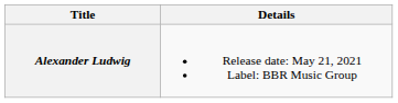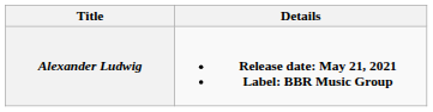 <table class="wikitable plainrowheaders" style="text-align:center;">
 <tr>
 <th style="width:12em;">Title</th>
 <th style="width:18em;">Details</th>
 </tr>
 <tr>
 <th scope="row"><em>Alexander Ludwig</em></th>
-<td><br><ul><li>Release date: May 21, 2021</li><li>Label: BBR Music Group</li></ul></td>
+<td><strong><br><ul><li>Release date: May 21, 2021</li><li>Label: BBR Music Group</li></ul></strong></td>
 </tr>
 </table>
